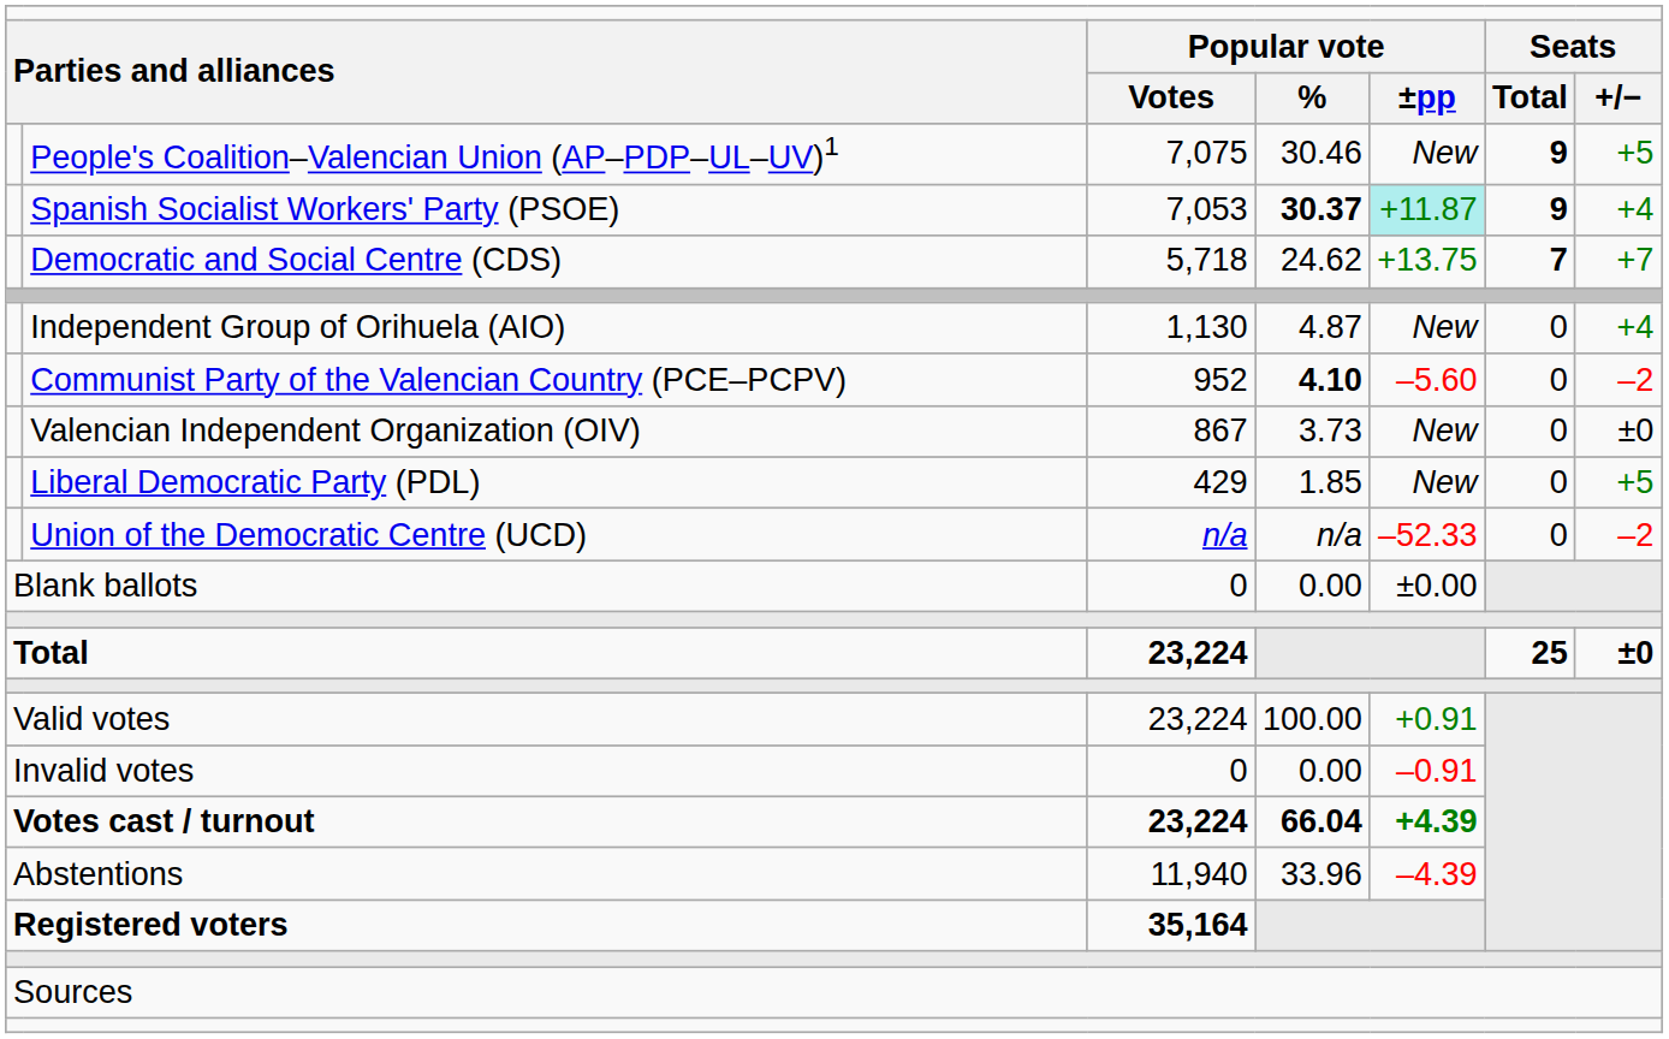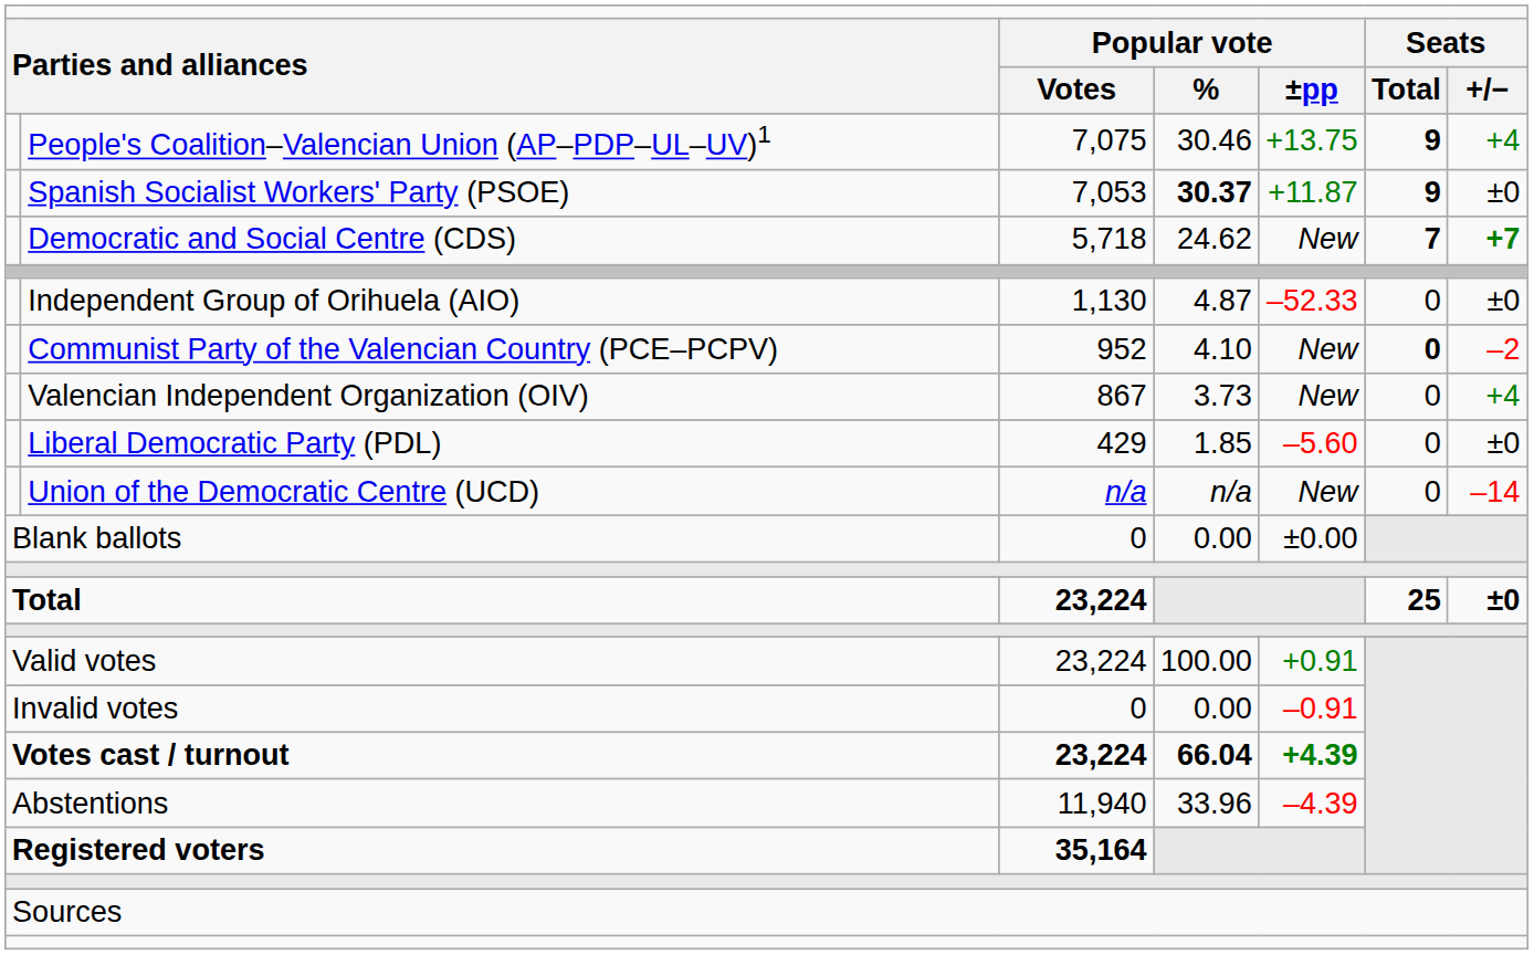 <table class="wikitable" style="text-align:right;">
 <tr>
 <td colspan="7"></td>
 </tr>
 <tr>
 <th style="text-align:left;" rowspan="2" colspan="2" width="525">Parties and alliances</th>
 <th colspan="3">Popular vote</th>
 <th colspan="2">Seats</th>
 </tr>
 <tr>
 <th width="75">Votes</th>
 <th width="45">%</th>
 <th width="45">±<a href='#'>pp</a></th>
 <th width="35">Total</th>
 <th width="35">+/−</th>
 </tr>
 <tr>
 <td width="1" style="color:inherit;background:"></td>
 <td align="left"><a href='#'>People's Coalition</a>–<a href='#'>Valencian Union</a> (<a href='#'>AP</a>–<a href='#'>PDP</a>–<a href='#'>UL</a>–<a href='#'>UV</a>)<sup>1</sup></td>
 <td>7,075</td>
 <td>30.46</td>
-<td><em>New</em></td>
+<td style="color:green;">+13.75</td>
 <td><strong>9</strong></td>
-<td style="color:green;">+5</td>
+<td style="color:green;">+4</td>
 </tr>
 <tr>
 <td style="color:inherit;background:"></td>
 <td align="left"><a href='#'>Spanish Socialist Workers' Party</a> (PSOE)</td>
 <td>7,053</td>
 <td><strong>30.37</strong></td>
-<td style="background: paleturquoise; color:green;">+11.87</td>
+<td style="color:green;">+11.87</td>
 <td><strong>9</strong></td>
-<td style="color:green;">+4</td>
+<td>±0</td>
 </tr>
 <tr>
 <td style="color:inherit;background:"></td>
 <td align="left"><a href='#'>Democratic and Social Centre</a> (CDS)</td>
 <td>5,718</td>
 <td>24.62</td>
-<td style="color:green;">+13.75</td>
+<td><em>New</em></td>
 <td><strong>7</strong></td>
-<td style="color:green;">+7</td>
+<td style="color:green;"><strong>+7</strong></td>
 </tr>
 <tr>
 <td colspan="7" bgcolor="#C0C0C0"></td>
 </tr>
 <tr>
 <td style="color:inherit;background:"></td>
 <td align="left">Independent Group of Orihuela (AIO)</td>
 <td>1,130</td>
 <td>4.87</td>
-<td><em>New</em></td>
+<td style="color:red;">–52.33</td>
 <td>0</td>
-<td style="color:green;">+4</td>
+<td>±0</td>
 </tr>
 <tr>
 <td style="color:inherit;background:"></td>
 <td align="left"><a href='#'>Communist Party of the Valencian Country</a> (PCE–PCPV)</td>
 <td>952</td>
-<td><strong>4.10</strong></td>
-<td style="color:red;">–5.60</td>
-<td>0</td>
+<td>4.10</td>
+<td><em>New</em></td>
+<td><strong>0</strong></td>
 <td style="color:red;">–2</td>
 </tr>
 <tr>
 <td style="color:inherit;background:"></td>
 <td align="left">Valencian Independent Organization (OIV)</td>
 <td>867</td>
 <td>3.73</td>
 <td><em>New</em></td>
 <td>0</td>
-<td>±0</td>
+<td style="color:green;">+4</td>
 </tr>
 <tr>
 <td style="color:inherit;background:"></td>
 <td align="left"><a href='#'>Liberal Democratic Party</a> (PDL)</td>
 <td>429</td>
 <td>1.85</td>
-<td><em>New</em></td>
+<td style="color:red;">–5.60</td>
 <td>0</td>
-<td style="color:green;">+5</td>
+<td>±0</td>
 </tr>
 <tr>
 <td style="color:inherit;background:"></td>
 <td align="left"><a href='#'>Union of the Democratic Centre</a> (UCD)</td>
 <td><em><a href='#'>n/a</a></em></td>
 <td><em>n/a</em></td>
-<td style="color:red;">–52.33</td>
+<td><em>New</em></td>
 <td>0</td>
-<td style="color:red;">–2</td>
+<td style="color:red;">–14</td>
 </tr>
 <tr>
 <td align="left" colspan="2">Blank ballots</td>
 <td>0</td>
 <td>0.00</td>
 <td>±0.00</td>
 <td bgcolor="#E9E9E9" colspan="2"></td>
 </tr>
 <tr>
 <td colspan="7" bgcolor="#E9E9E9"></td>
 </tr>
 <tr style="font-weight:bold;">
 <td align="left" colspan="2">Total</td>
 <td>23,224</td>
 <td bgcolor="#E9E9E9" colspan="2"></td>
 <td>25</td>
 <td>±0</td>
 </tr>
 <tr>
 <td colspan="7" bgcolor="#E9E9E9"></td>
 </tr>
 <tr>
 <td align="left" colspan="2">Valid votes</td>
 <td>23,224</td>
 <td>100.00</td>
 <td style="color:green;">+0.91</td>
 <td bgcolor="#E9E9E9" colspan="2" rowspan="5"></td>
 </tr>
 <tr>
 <td align="left" colspan="2">Invalid votes</td>
 <td>0</td>
 <td>0.00</td>
 <td style="color:red;">–0.91</td>
 </tr>
 <tr style="font-weight:bold;">
 <td align="left" colspan="2">Votes cast / turnout</td>
 <td>23,224</td>
 <td>66.04</td>
 <td style="color:green;">+4.39</td>
 </tr>
 <tr>
 <td align="left" colspan="2">Abstentions</td>
 <td>11,940</td>
 <td>33.96</td>
 <td style="color:red;">–4.39</td>
 </tr>
 <tr style="font-weight:bold;">
 <td align="left" colspan="2">Registered voters</td>
 <td>35,164</td>
 <td bgcolor="#E9E9E9" colspan="2"></td>
 </tr>
 <tr>
 <td colspan="7" bgcolor="#E9E9E9"></td>
 </tr>
 <tr>
 <td align="left" colspan="7">Sources</td>
 </tr>
 <tr>
 <td colspan="7" style="text-align:left; max-width:790px;"></td>
 </tr>
 </table>
